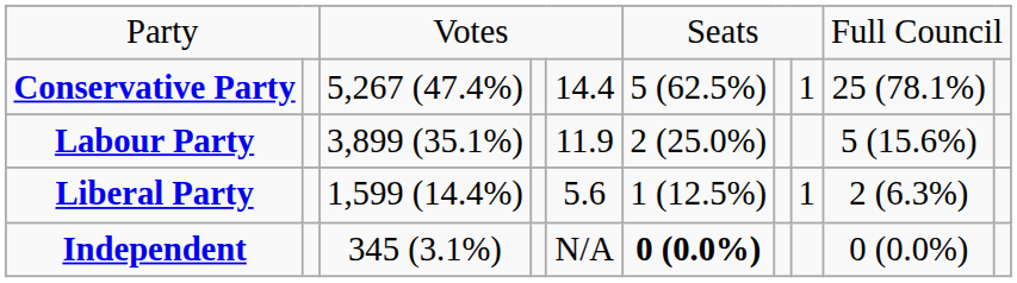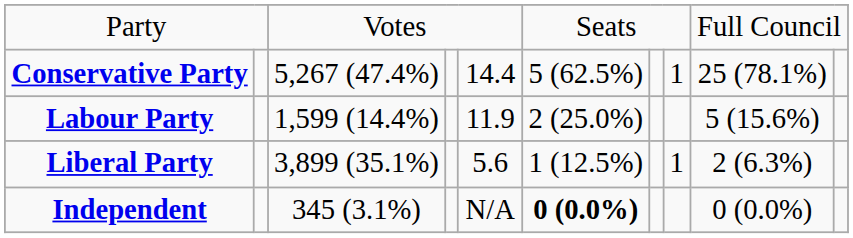 <table class=wikitable style="text-align:center;">
 <tr>
 <td colspan=2>Party</td>
 <td colspan=3>Votes</td>
 <td colspan=3>Seats</td>
 <td colspan=3>Full Council</td>
 </tr>
 <tr>
 <td><strong><a href='#'>Conservative Party</a></strong></td>
 <td style="background:"></td>
 <td>5,267 (47.4%)</td>
 <td></td>
 <td> 14.4</td>
 <td>5 (62.5%)</td>
 <td></td>
 <td> 1</td>
 <td>25 (78.1%)</td>
 <td></td>
 </tr>
 <tr>
 <td><strong><a href='#'>Labour Party</a></strong></td>
 <td style="background:"></td>
-<td>3,899 (35.1%)</td>
+<td>1,599 (14.4%)</td>
 <td></td>
 <td> 11.9</td>
 <td>2 (25.0%)</td>
 <td></td>
 <td></td>
 <td>5 (15.6%)</td>
 <td></td>
 </tr>
 <tr>
 <td><strong><a href='#'>Liberal Party</a></strong></td>
 <td style="background:"></td>
-<td>1,599 (14.4%)</td>
+<td>3,899 (35.1%)</td>
 <td></td>
 <td> 5.6</td>
 <td>1 (12.5%)</td>
 <td></td>
 <td> 1</td>
 <td>2 (6.3%)</td>
 <td></td>
 </tr>
 <tr>
 <td><strong><a href='#'>Independent</a></strong></td>
 <td style="background:"></td>
 <td>345 (3.1%)</td>
 <td></td>
 <td>N/A</td>
 <td><strong>0 (0.0%)</strong></td>
 <td></td>
 <td></td>
 <td>0 (0.0%)</td>
 <td></td>
 </tr>
 </table>
